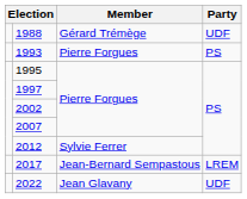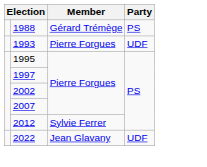 <table class="wikitable">
 <tr>
 <th colspan=2>Election</th>
 <th>Member</th>
 <th>Party</th>
 </tr>
 <tr>
 <td style="background-color: "></td>
 <td><a href='#'>1988</a></td>
 <td><a href='#'>Gérard Trémège</a></td>
-<td><a href='#'>UDF</a></td>
+<td><a href='#'>PS</a></td>
 </tr>
 <tr>
 <td style="background-color: "></td>
 <td><a href='#'>1993</a></td>
 <td><a href='#'>Pierre Forgues</a></td>
-<td><a href='#'>PS</a></td>
+<td><a href='#'>UDF</a></td>
 </tr>
 <tr>
 <td rowspan=5 style="background-color: "></td>
 <td>1995</td>
 <td rowspan=4><a href='#'>Pierre Forgues</a></td>
 <td rowspan="5"><a href='#'>PS</a></td>
 </tr>
 <tr>
 <td><a href='#'>1997</a></td>
 </tr>
 <tr>
 <td><a href='#'>2002</a></td>
 </tr>
 <tr>
 <td><a href='#'>2007</a></td>
 </tr>
 <tr>
 <td><a href='#'>2012</a></td>
 <td><a href='#'>Sylvie Ferrer</a></td>
 </tr>
 <tr>
 <td style="background-color: "></td>
-<td><a href='#'>2017</a></td>
-<td><a href='#'>Jean-Bernard Sempastous</a></td>
-<td><a href='#'>LREM</a></td>
-</tr>
-<tr>
-<td style="background-color: "></td>
 <td><a href='#'>2022</a></td>
 <td><a href='#'>Jean Glavany</a></td>
 <td><a href='#'>UDF</a></td>
 </tr>
 </table>
